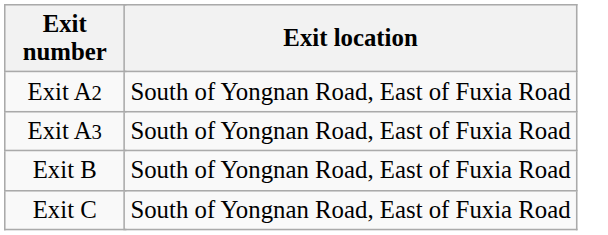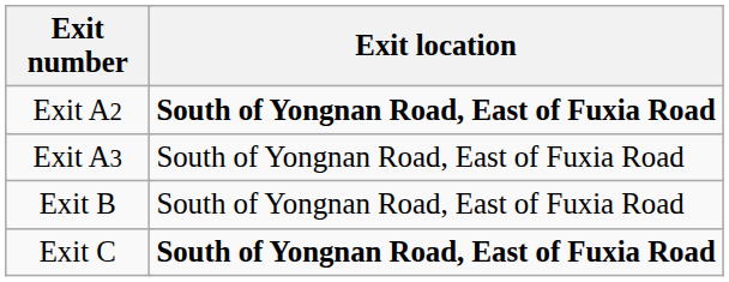 <table class="wikitable">
 <tr>
 <th colspan="2" style="width:70px">Exit number</th>
 <th>Exit location</th>
 </tr>
 <tr>
 <td colspan="2" align="center">Exit A<small>2</small></td>
-<td>South of Yongnan Road, East of Fuxia Road</td>
+<td><strong>South of Yongnan Road, East of Fuxia Road</strong></td>
 </tr>
 <tr>
 <td colspan="2" align="center">Exit A<small>3</small></td>
 <td>South of Yongnan Road, East of Fuxia Road</td>
 </tr>
 <tr>
 <td colspan="2" align="center">Exit B</td>
 <td>South of Yongnan Road, East of Fuxia Road</td>
 </tr>
 <tr>
 <td colspan="2" align="center">Exit C</td>
-<td>South of Yongnan Road, East of Fuxia Road</td>
+<td><strong>South of Yongnan Road, East of Fuxia Road</strong></td>
 </tr>
 </table>
